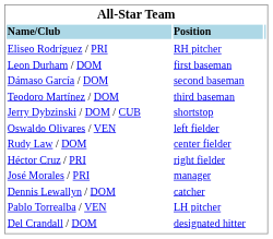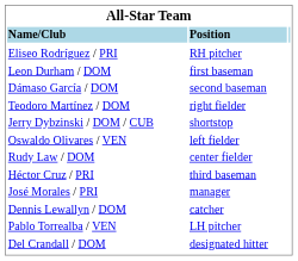 <table cellpadding="1" width="350px" style="font-size: 90%; border: 1px solid gray;">
 <tr align="center" style="font-size: larger;">
 <td colspan=6><strong>All-Star Team</strong></td>
 </tr>
 <tr style="background:lightblue;">
 <td><strong>Name/Club</strong></td>
 <td><strong>Position</strong></td>
 <td></td>
 </tr>
 <tr align="center" style="vertical-align: middle;" style="background:lightblue;">
 </tr>
 <tr>
 <td><a href='#'>Eliseo Rodríguez</a> / <a href='#'>PRI</a></td>
 <td><a href='#'>RH pitcher</a></td>
 </tr>
 <tr>
 <td><a href='#'>Leon Durham</a> / <a href='#'>DOM</a></td>
 <td><a href='#'>first baseman</a></td>
 </tr>
 <tr>
 <td><a href='#'>Dámaso García</a> / <a href='#'>DOM</a></td>
 <td><a href='#'>second baseman</a></td>
 </tr>
 <tr>
 <td><a href='#'>Teodoro Martínez</a> / <a href='#'>DOM</a></td>
-<td><a href='#'>third baseman</a></td>
+<td><a href='#'>right fielder</a></td>
 </tr>
 <tr>
 <td><a href='#'>Jerry Dybzinski</a> / <a href='#'>DOM</a> / <a href='#'>CUB</a></td>
 <td><a href='#'>shortstop</a></td>
 </tr>
 <tr>
 <td><a href='#'>Oswaldo Olivares</a> / <a href='#'>VEN</a></td>
 <td><a href='#'>left fielder</a></td>
 </tr>
 <tr>
 <td><a href='#'>Rudy Law</a> / <a href='#'>DOM</a></td>
 <td><a href='#'>center fielder</a></td>
 </tr>
 <tr>
 <td><a href='#'>Héctor Cruz</a> / <a href='#'>PRI</a></td>
-<td><a href='#'>right fielder</a></td>
+<td><a href='#'>third baseman</a></td>
 </tr>
 <tr>
 <td><a href='#'>José Morales</a> / <a href='#'>PRI</a></td>
 <td><a href='#'>manager</a></td>
 </tr>
 <tr>
 <td><a href='#'>Dennis Lewallyn</a> / <a href='#'>DOM</a></td>
 <td><a href='#'>catcher</a></td>
 </tr>
 <tr>
 <td><a href='#'>Pablo Torrealba</a> / <a href='#'>VEN</a></td>
 <td><a href='#'>LH pitcher</a></td>
 </tr>
 <tr>
 <td><a href='#'>Del Crandall</a> / <a href='#'>DOM</a></td>
 <td><a href='#'>designated hitter</a></td>
 </tr>
 <tr>
 </tr>
 </table>
